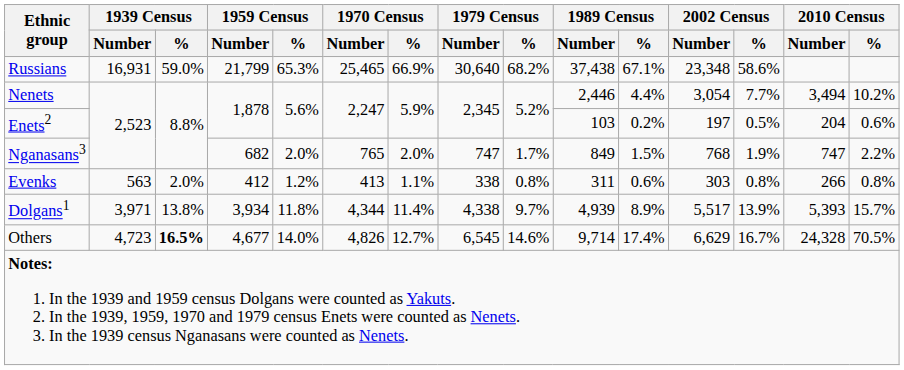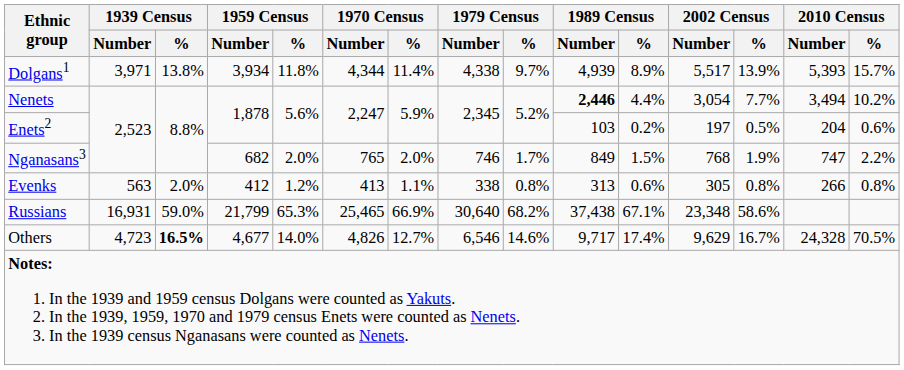 <table class="wikitable" style="text-align: right;">
 <tr bgcolor="#e0e0e0">
 <th rowspan="2">Ethnic<br>group</th>
 <th colspan="2">1939 Census</th>
 <th colspan="2">1959 Census</th>
 <th colspan="2">1970 Census</th>
 <th colspan="2">1979 Census</th>
 <th colspan="2">1989 Census</th>
 <th colspan="2">2002 Census</th>
 <th colspan="2">2010 Census</th>
 </tr>
 <tr bgcolor="#e0e0e0">
 <th>Number</th>
 <th>%</th>
 <th>Number</th>
 <th>%</th>
 <th>Number</th>
 <th>%</th>
 <th>Number</th>
 <th>%</th>
 <th>Number</th>
 <th>%</th>
 <th>Number</th>
 <th>%</th>
 <th>Number</th>
 <th>%</th>
 </tr>
 <tr>
-<td align="left"><a href='#'>Russians</a></td>
-<td>16,931</td>
-<td>59.0%</td>
-<td>21,799</td>
-<td>65.3%</td>
-<td>25,465</td>
-<td>66.9%</td>
-<td>30,640</td>
-<td>68.2%</td>
-<td>37,438</td>
-<td>67.1%</td>
-<td>23,348</td>
-<td>58.6%</td>
-<td></td>
-<td></td>
+<td align="left"><a href='#'>Dolgans</a><sup>1</sup></td>
+<td>3,971</td>
+<td>13.8%</td>
+<td>3,934</td>
+<td>11.8%</td>
+<td>4,344</td>
+<td>11.4%</td>
+<td>4,338</td>
+<td>9.7%</td>
+<td>4,939</td>
+<td>8.9%</td>
+<td>5,517</td>
+<td>13.9%</td>
+<td>5,393</td>
+<td>15.7%</td>
 </tr>
 <tr>
 <td align="left"><a href='#'>Nenets</a></td>
 <td rowspan="3">2,523</td>
 <td rowspan="3">8.8%</td>
 <td rowspan="2">1,878</td>
 <td rowspan="2">5.6%</td>
 <td rowspan="2">2,247</td>
 <td rowspan="2">5.9%</td>
 <td rowspan="2">2,345</td>
 <td rowspan="2">5.2%</td>
-<td>2,446</td>
+<td><strong>2,446</strong></td>
 <td>4.4%</td>
 <td>3,054</td>
 <td>7.7%</td>
 <td>3,494</td>
 <td>10.2%</td>
 </tr>
 <tr>
 <td align="left"><a href='#'>Enets</a><sup>2</sup></td>
 <td>103</td>
 <td>0.2%</td>
 <td>197</td>
 <td>0.5%</td>
 <td>204</td>
 <td>0.6%</td>
 </tr>
 <tr>
 <td align="left"><a href='#'>Nganasans</a><sup>3</sup></td>
 <td>682</td>
 <td>2.0%</td>
 <td>765</td>
 <td>2.0%</td>
-<td>747</td>
+<td>746</td>
 <td>1.7%</td>
 <td>849</td>
 <td>1.5%</td>
 <td>768</td>
 <td>1.9%</td>
 <td>747</td>
 <td>2.2%</td>
 </tr>
 <tr>
 <td align="left"><a href='#'>Evenks</a></td>
 <td>563</td>
 <td>2.0%</td>
 <td>412</td>
 <td>1.2%</td>
 <td>413</td>
 <td>1.1%</td>
 <td>338</td>
 <td>0.8%</td>
-<td>311</td>
+<td>313</td>
 <td>0.6%</td>
-<td>303</td>
+<td>305</td>
 <td>0.8%</td>
 <td>266</td>
 <td>0.8%</td>
 </tr>
 <tr>
-<td align="left"><a href='#'>Dolgans</a><sup>1</sup></td>
-<td>3,971</td>
-<td>13.8%</td>
-<td>3,934</td>
-<td>11.8%</td>
-<td>4,344</td>
-<td>11.4%</td>
-<td>4,338</td>
-<td>9.7%</td>
-<td>4,939</td>
-<td>8.9%</td>
-<td>5,517</td>
-<td>13.9%</td>
-<td>5,393</td>
-<td>15.7%</td>
+<td align="left"><a href='#'>Russians</a></td>
+<td>16,931</td>
+<td>59.0%</td>
+<td>21,799</td>
+<td>65.3%</td>
+<td>25,465</td>
+<td>66.9%</td>
+<td>30,640</td>
+<td>68.2%</td>
+<td>37,438</td>
+<td>67.1%</td>
+<td>23,348</td>
+<td>58.6%</td>
+<td></td>
+<td></td>
 </tr>
 <tr>
 <td align="left">Others</td>
 <td>4,723</td>
 <td><strong>16.5%</strong></td>
 <td>4,677</td>
 <td>14.0%</td>
 <td>4,826</td>
 <td>12.7%</td>
-<td>6,545</td>
+<td>6,546</td>
 <td>14.6%</td>
-<td>9,714</td>
+<td>9,717</td>
 <td>17.4%</td>
-<td>6,629</td>
+<td>9,629</td>
 <td>16.7%</td>
 <td>24,328</td>
 <td>70.5%</td>
 </tr>
 <tr>
 <td colspan="15" align="left"><strong>Notes:</strong><br><ol><li>In the 1939 and 1959 census Dolgans were counted as <a href='#'>Yakuts</a>.</li><li>In the 1939, 1959, 1970 and 1979 census Enets were counted as <a href='#'>Nenets</a>.</li><li>In the 1939 census Nganasans were counted as <a href='#'>Nenets</a>.</li></ol></td>
 </tr>
 </table>
